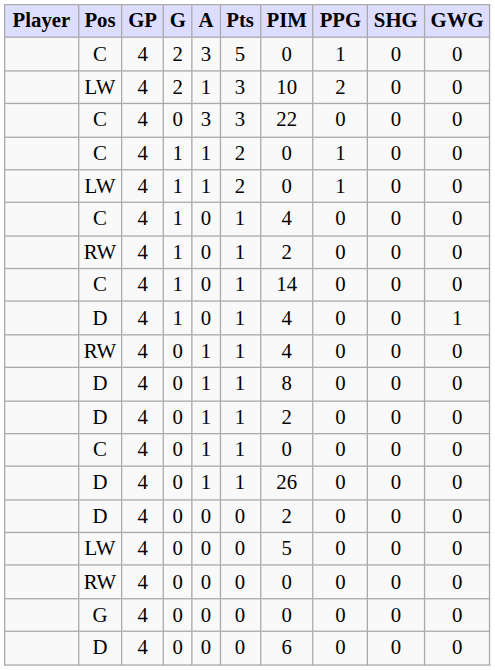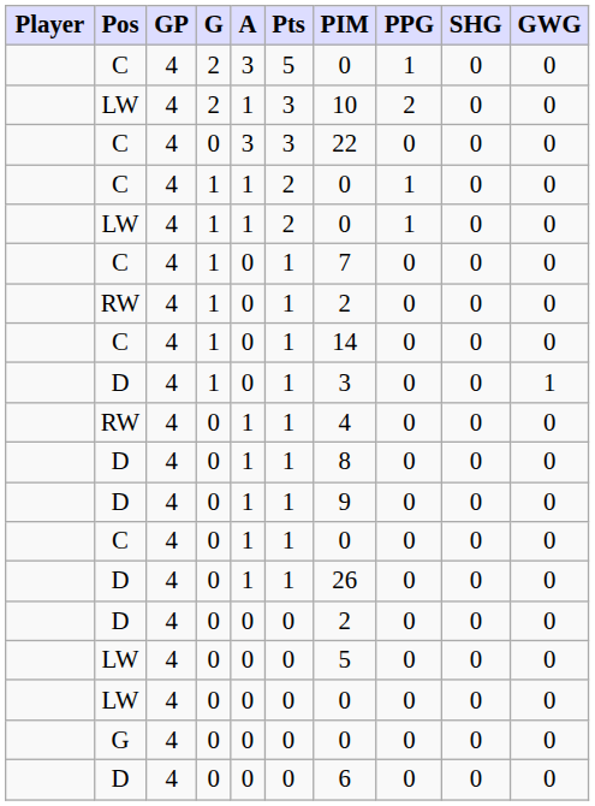 <table style="width:60%;" class="wikitable sortable">
 <tr style="text-align:center;">
 <th style="background:#ddf; width:10%;">Player</th>
 <th style="background:#ddf; width:3%;" title="Position">Pos</th>
 <th style="background:#ddf; width:5%;" title="Games played">GP</th>
 <th style="background:#ddf; width:5%;" title="Goals">G</th>
 <th style="background:#ddf; width:5%;" title="Assists">A</th>
 <th style="background:#ddf; width:5%;" title="Points">Pts</th>
 <th style="background:#ddf; width:5%;" title="Penalties in Minutes">PIM</th>
 <th style="background:#ddf; width:5%;" title="Power play goals">PPG</th>
 <th style="background:#ddf; width:5%;" title="Short-handed goals">SHG</th>
 <th style="background:#ddf; width:5%;" title="Game-winning goals">GWG</th>
 </tr>
 <tr style="text-align:center;">
 <td style="text-align:right;"></td>
 <td>C</td>
 <td>4</td>
 <td>2</td>
 <td>3</td>
 <td>5</td>
 <td>0</td>
 <td>1</td>
 <td>0</td>
 <td>0</td>
 </tr>
 <tr style="text-align:center;">
 <td style="text-align:right;"></td>
 <td>LW</td>
 <td>4</td>
 <td>2</td>
 <td>1</td>
 <td>3</td>
 <td>10</td>
 <td>2</td>
 <td>0</td>
 <td>0</td>
 </tr>
 <tr style="text-align:center;">
 <td style="text-align:right;"></td>
 <td>C</td>
 <td>4</td>
 <td>0</td>
 <td>3</td>
 <td>3</td>
 <td>22</td>
 <td>0</td>
 <td>0</td>
 <td>0</td>
 </tr>
 <tr style="text-align:center;">
 <td style="text-align:right;"></td>
 <td>C</td>
 <td>4</td>
 <td>1</td>
 <td>1</td>
 <td>2</td>
 <td>0</td>
 <td>1</td>
 <td>0</td>
 <td>0</td>
 </tr>
 <tr style="text-align:center;">
 <td style="text-align:right;"></td>
 <td>LW</td>
 <td>4</td>
 <td>1</td>
 <td>1</td>
 <td>2</td>
 <td>0</td>
 <td>1</td>
 <td>0</td>
 <td>0</td>
 </tr>
 <tr style="text-align:center;">
 <td style="text-align:right;"></td>
 <td>C</td>
 <td>4</td>
 <td>1</td>
 <td>0</td>
 <td>1</td>
-<td>4</td>
+<td>7</td>
 <td>0</td>
 <td>0</td>
 <td>0</td>
 </tr>
 <tr style="text-align:center;">
 <td style="text-align:right;"></td>
 <td>RW</td>
 <td>4</td>
 <td>1</td>
 <td>0</td>
 <td>1</td>
 <td>2</td>
 <td>0</td>
 <td>0</td>
 <td>0</td>
 </tr>
 <tr style="text-align:center;">
 <td style="text-align:right;"></td>
 <td>C</td>
 <td>4</td>
 <td>1</td>
 <td>0</td>
 <td>1</td>
 <td>14</td>
 <td>0</td>
 <td>0</td>
 <td>0</td>
 </tr>
 <tr style="text-align:center;">
 <td style="text-align:right;"></td>
 <td>D</td>
 <td>4</td>
 <td>1</td>
 <td>0</td>
 <td>1</td>
-<td>4</td>
+<td>3</td>
 <td>0</td>
 <td>0</td>
 <td>1</td>
 </tr>
 <tr style="text-align:center;">
 <td style="text-align:right;"></td>
 <td>RW</td>
 <td>4</td>
 <td>0</td>
 <td>1</td>
 <td>1</td>
 <td>4</td>
 <td>0</td>
 <td>0</td>
 <td>0</td>
 </tr>
 <tr style="text-align:center;">
 <td style="text-align:right;"></td>
 <td>D</td>
 <td>4</td>
 <td>0</td>
 <td>1</td>
 <td>1</td>
 <td>8</td>
 <td>0</td>
 <td>0</td>
 <td>0</td>
 </tr>
 <tr style="text-align:center;">
 <td style="text-align:right;"></td>
 <td>D</td>
 <td>4</td>
 <td>0</td>
 <td>1</td>
 <td>1</td>
-<td>2</td>
+<td>9</td>
 <td>0</td>
 <td>0</td>
 <td>0</td>
 </tr>
 <tr style="text-align:center;">
 <td style="text-align:right;"></td>
 <td>C</td>
 <td>4</td>
 <td>0</td>
 <td>1</td>
 <td>1</td>
 <td>0</td>
 <td>0</td>
 <td>0</td>
 <td>0</td>
 </tr>
 <tr style="text-align:center;">
 <td style="text-align:right;"></td>
 <td>D</td>
 <td>4</td>
 <td>0</td>
 <td>1</td>
 <td>1</td>
 <td>26</td>
 <td>0</td>
 <td>0</td>
 <td>0</td>
 </tr>
 <tr style="text-align:center;">
 <td style="text-align:right;"></td>
 <td>D</td>
 <td>4</td>
 <td>0</td>
 <td>0</td>
 <td>0</td>
 <td>2</td>
 <td>0</td>
 <td>0</td>
 <td>0</td>
 </tr>
 <tr style="text-align:center;">
 <td style="text-align:right;"></td>
 <td>LW</td>
 <td>4</td>
 <td>0</td>
 <td>0</td>
 <td>0</td>
 <td>5</td>
 <td>0</td>
 <td>0</td>
 <td>0</td>
 </tr>
 <tr style="text-align:center;">
 <td style="text-align:right;"></td>
-<td>RW</td>
+<td>LW</td>
 <td>4</td>
 <td>0</td>
 <td>0</td>
 <td>0</td>
 <td>0</td>
 <td>0</td>
 <td>0</td>
 <td>0</td>
 </tr>
 <tr style="text-align:center;">
 <td style="text-align:right;"></td>
 <td>G</td>
 <td>4</td>
 <td>0</td>
 <td>0</td>
 <td>0</td>
 <td>0</td>
 <td>0</td>
 <td>0</td>
 <td>0</td>
 </tr>
 <tr style="text-align:center;">
 <td style="text-align:right;"></td>
 <td>D</td>
 <td>4</td>
 <td>0</td>
 <td>0</td>
 <td>0</td>
 <td>6</td>
 <td>0</td>
 <td>0</td>
 <td>0</td>
 </tr>
 </table>
